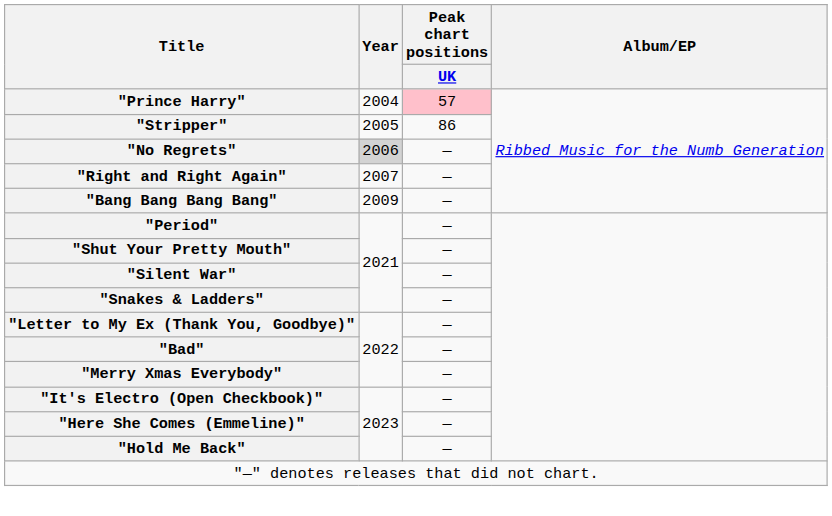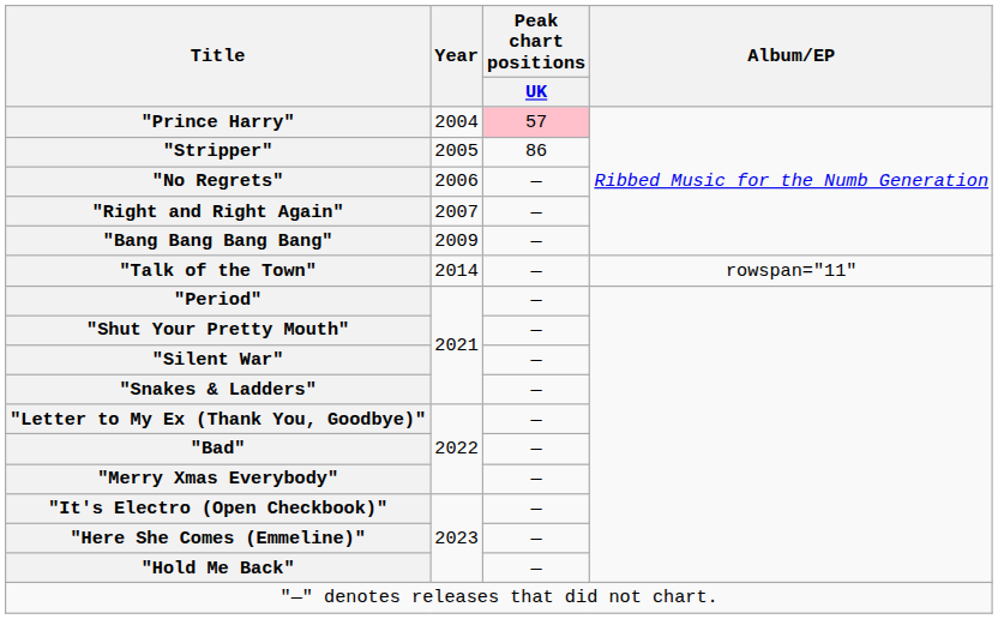 <table class="wikitable plainrowheaders" style="text-align:center;">
 <tr>
 <th rowspan="2">Title</th>
 <th rowspan="2">Year</th>
 <th>Peak chart positions</th>
 <th rowspan="2">Album/EP</th>
 </tr>
 <tr>
 <th style="width:45px;"><a href='#'>UK</a></th>
 </tr>
 <tr>
 <th scope="row">"Prince Harry"</th>
 <td rowspan="1">2004</td>
 <td align=center style="background: pink;">57</td>
 <td rowspan="5"><em><a href='#'>Ribbed Music for the Numb Generation</a></em></td>
 </tr>
 <tr>
 <th scope="row">"Stripper"</th>
 <td rowspan="1">2005</td>
 <td align=center>86</td>
 </tr>
 <tr>
 <th scope="row">"No Regrets"</th>
-<td rowspan="1" style="background: lightgrey;">2006</td>
+<td rowspan="1">2006</td>
 <td align=center>—</td>
 </tr>
 <tr>
 <th scope="row">"Right and Right Again"</th>
 <td rowspan="1">2007</td>
 <td align=center>—</td>
 </tr>
 <tr>
 <th scope="row">"Bang Bang Bang Bang"</th>
 <td rowspan="1">2009</td>
 <td align=center>—</td>
+</tr>
+<tr>
+<th scope="row">"Talk of the Town"</th>
+<td rowspan="1">2014</td>
+<td align=center>—</td>
+<td>rowspan="11" </td>
 </tr>
 <tr>
 <th scope="row">"Period"</th>
 <td rowspan="4">2021</td>
 <td align=center>—</td>
 </tr>
 <tr>
 <th scope="row">"Shut Your Pretty Mouth"</th>
 <td align=center>—</td>
 </tr>
 <tr>
 <th scope="row">"Silent War"</th>
 <td align=center>—</td>
 </tr>
 <tr>
 <th scope="row">"Snakes & Ladders"</th>
 <td align="center">—</td>
 </tr>
 <tr>
 <th scope="row">"Letter to My Ex (Thank You, Goodbye)"</th>
 <td rowspan="3">2022</td>
 <td align="center">—</td>
 </tr>
 <tr>
 <th scope="row">"Bad"</th>
 <td align="center">—</td>
 </tr>
 <tr>
 <th scope="row">"Merry Xmas Everybody"</th>
 <td align="center">—</td>
 </tr>
 <tr>
 <th scope="row">"It's Electro (Open Checkbook)"</th>
 <td rowspan="3">2023</td>
 <td align="center">—</td>
 </tr>
 <tr>
 <th scope="row">"Here She Comes (Emmeline)"</th>
 <td align=center>—</td>
 </tr>
 <tr>
 <th scope="row">"Hold Me Back"</th>
 <td align="center">—</td>
 </tr>
 <tr>
 <td colspan="4">"—" denotes releases that did not chart.</td>
 </tr>
 </table>
